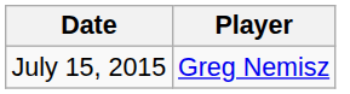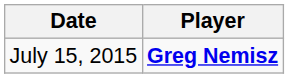 <table class="wikitable">
 <tr>
 <th>Date</th>
 <th>Player</th>
 </tr>
 <tr>
 <td>July 15, 2015</td>
-<td><a href='#'>Greg Nemisz</a></td>
+<td><strong><a href='#'>Greg Nemisz</a></strong></td>
 </tr>
 </table>
